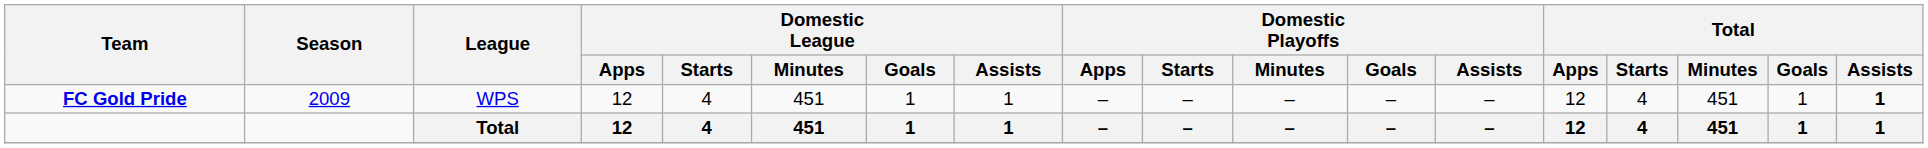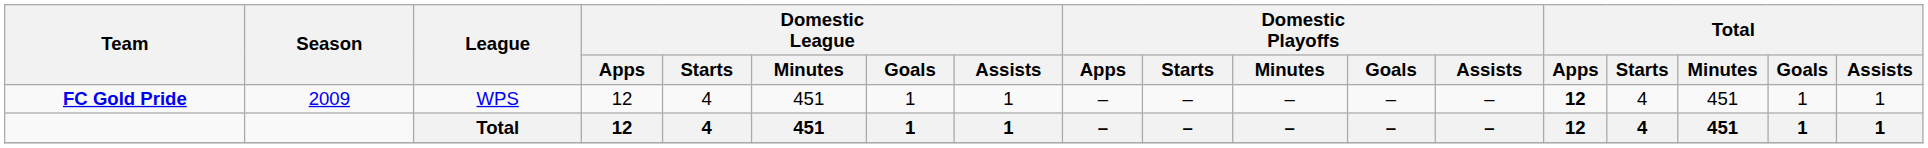 <table class="wikitable" style=font-size:90% text-align: center width=75%>
 <tr>
 <th rowspan=2 width=10%>Team</th>
 <th rowspan=2 width=7%>Season</th>
 <th rowspan=2 width=7%>League</th>
 <th colspan=5 width=20%>Domestic<br>League</th>
 <th colspan=5 width=20%>Domestic<br>Playoffs</th>
 <th colspan=5 width=10%>Total</th>
 </tr>
 <tr>
 <th align=center>Apps</th>
 <th align=center>Starts</th>
 <th align=center>Minutes</th>
 <th align=center>Goals</th>
 <th align=center>Assists</th>
 <th align=center>Apps</th>
 <th align=center>Starts</th>
 <th align=center>Minutes</th>
 <th align=center>Goals</th>
 <th align=center>Assists</th>
 <th align=center>Apps</th>
 <th align=center>Starts</th>
 <th align=center>Minutes</th>
 <th align=center>Goals</th>
 <th align=center>Assists</th>
 </tr>
 <tr>
 <td rowspan=1 align=center><strong><a href='#'>FC Gold Pride</a></strong></td>
 <td align=center><a href='#'>2009</a></td>
 <td align=center><a href='#'>WPS</a></td>
 <td align=center>12</td>
 <td align=center>4</td>
 <td align=center>451</td>
 <td align=center>1</td>
 <td align=center>1</td>
 <td align=center>–</td>
 <td align=center>–</td>
 <td align=center>–</td>
 <td align=center>–</td>
 <td align=center>–</td>
-<td align=center>12</td>
+<td align=center><strong>12</strong></td>
 <td align=center>4</td>
 <td align=center>451</td>
 <td align=center>1</td>
-<td align=center><strong>1</strong></td>
+<td align=center>1</td>
 </tr>
 <tr>
 <td></td>
 <td></td>
 <th>Total</th>
 <th>12</th>
 <th>4</th>
 <th>451</th>
 <th>1</th>
 <th>1</th>
 <th>–</th>
 <th>–</th>
 <th>–</th>
 <th>–</th>
 <th>–</th>
 <th>12</th>
 <th>4</th>
 <th>451</th>
 <th>1</th>
 <th>1</th>
 </tr>
 <tr>
 </tr>
 </table>
